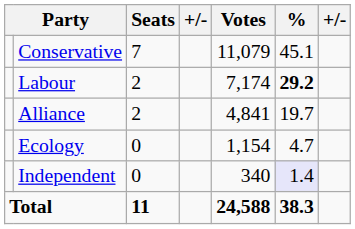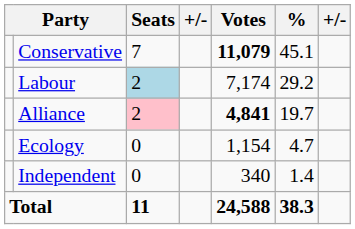 <table class="wikitable sortable">
 <tr>
 <th colspan="2">Party</th>
 <th>Seats</th>
 <th>+/-</th>
 <th>Votes</th>
 <th>%</th>
 <th>+/-</th>
 </tr>
 <tr>
 <td style="background-color: "></td>
 <td><a href='#'>Conservative</a></td>
 <td>7</td>
 <td></td>
-<td style="text-align:right;">11,079</td>
+<td style="text-align:right;"><strong>11,079</strong></td>
 <td style="text-align:right;">45.1</td>
 <td style="text-align:right;"></td>
 </tr>
 <tr>
 <td style="background-color: "></td>
 <td><a href='#'>Labour</a></td>
-<td>2</td>
+<td style="background: lightblue;">2</td>
 <td></td>
 <td style="text-align:right;">7,174</td>
-<td style="text-align:right;"><strong>29.2</strong></td>
+<td style="text-align:right;">29.2</td>
 <td style="text-align:right;"></td>
 </tr>
 <tr>
 <td style="background-color: "></td>
 <td><a href='#'>Alliance</a></td>
-<td>2</td>
+<td style="background: pink;">2</td>
 <td></td>
-<td style="text-align:right;">4,841</td>
+<td style="text-align:right;"><strong>4,841</strong></td>
 <td style="text-align:right;">19.7</td>
 <td style="text-align:right;"></td>
 </tr>
 <tr>
 <td style="background-color: "></td>
 <td><a href='#'>Ecology</a></td>
 <td>0</td>
 <td></td>
 <td style="text-align:right;">1,154</td>
 <td style="text-align:right;">4.7</td>
 <td style="text-align:right;"></td>
 </tr>
 <tr>
 <td style="background-color: "></td>
 <td><a href='#'>Independent</a></td>
 <td>0</td>
 <td></td>
 <td style="text-align:right;">340</td>
-<td style="background: lavender; text-align:right;">1.4</td>
+<td style="text-align:right;">1.4</td>
 <td style="text-align:right;"></td>
 </tr>
 <tr>
 <td colspan="2"><strong>Total</strong></td>
 <td><strong>11</strong></td>
 <td></td>
 <td style="text-align:right;"><strong>24,588</strong></td>
 <td style="text-align:right;"><strong>38.3</strong></td>
 <td style="text-align:right;"></td>
 </tr>
 </table>
